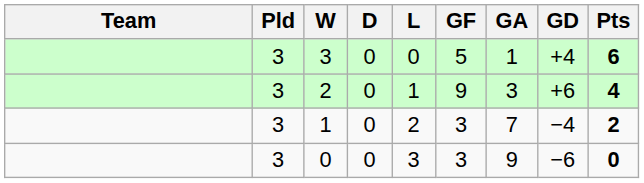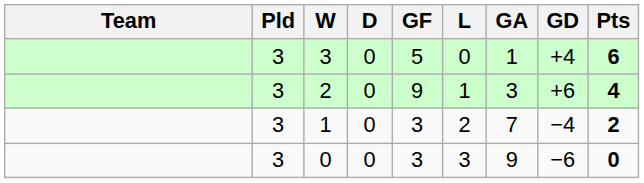 <table class="wikitable" style="text-align: center;">
 <tr>
 <th width="175">Team</th>
 <th width="30">Pld</th>
 <th width="25">W</th>
 <th width="25">D</th>
+<th width="30">GF</th>
 <th width="25">L</th>
-<th width="30">GF</th>
 <th width="30">GA</th>
 <th width="30">GD</th>
 <th width="30">Pts</th>
 </tr>
 <tr bgcolor="#ccffcc">
 <td align=left></td>
 <td>3</td>
 <td>3</td>
 <td>0</td>
+<td>5</td>
 <td>0</td>
-<td>5</td>
 <td>1</td>
 <td>+4</td>
 <td><strong>6</strong></td>
 </tr>
 <tr bgcolor="#ccffcc">
 <td align=left></td>
 <td>3</td>
 <td>2</td>
 <td>0</td>
+<td>9</td>
 <td>1</td>
-<td>9</td>
 <td>3</td>
 <td>+6</td>
 <td><strong>4</strong></td>
 </tr>
 <tr>
 <td align=left></td>
 <td>3</td>
 <td>1</td>
 <td>0</td>
+<td>3</td>
 <td>2</td>
-<td>3</td>
 <td>7</td>
 <td>−4</td>
 <td><strong>2</strong></td>
 </tr>
 <tr>
 <td align=left></td>
 <td>3</td>
 <td>0</td>
 <td>0</td>
 <td>3</td>
 <td>3</td>
 <td>9</td>
 <td>−6</td>
 <td><strong>0</strong></td>
 </tr>
 </table>
